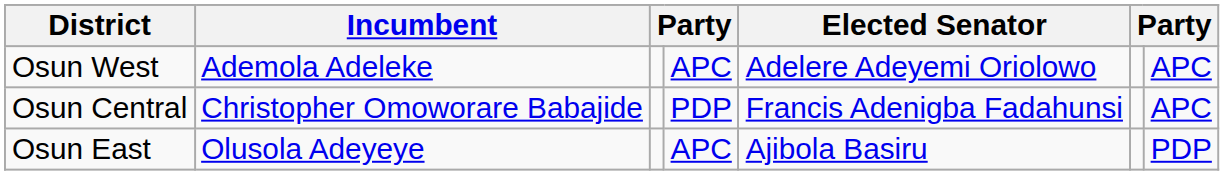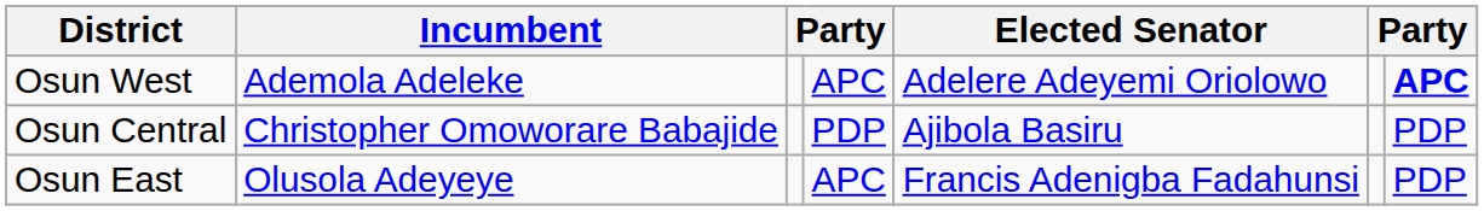 <table class="sortable wikitable" style="font-size:95%;line-height:14px;">
 <tr>
 <th class="unsortable">District</th>
 <th class="unsortable"><a href='#'>Incumbent</a></th>
 <th colspan="2">Party</th>
 <th class="unsortable">Elected Senator</th>
 <th colspan="2">Party</th>
 </tr>
 <tr>
 <td>Osun West</td>
 <td><a href='#'>Ademola Adeleke</a></td>
 <td style="background:"></td>
 <td><a href='#'>APC</a></td>
 <td><a href='#'>Adelere Adeyemi Oriolowo</a></td>
 <td style="background:"></td>
-<td><a href='#'>APC</a></td>
+<td><strong><a href='#'>APC</a></strong></td>
 </tr>
 <tr>
 <td>Osun Central</td>
 <td><a href='#'>Christopher Omoworare Babajide</a></td>
 <td style="background:"></td>
 <td><a href='#'>PDP</a></td>
-<td><a href='#'>Francis Adenigba Fadahunsi</a></td>
+<td><a href='#'>Ajibola Basiru</a></td>
 <td style="background:"></td>
-<td><a href='#'>APC</a></td>
+<td><a href='#'>PDP</a></td>
 </tr>
 <tr>
 <td>Osun East</td>
 <td><a href='#'>Olusola Adeyeye</a></td>
 <td style="background:"></td>
 <td><a href='#'>APC</a></td>
-<td><a href='#'>Ajibola Basiru</a></td>
+<td><a href='#'>Francis Adenigba Fadahunsi</a></td>
 <td style="background:"></td>
 <td><a href='#'>PDP</a></td>
 </tr>
 </table>
